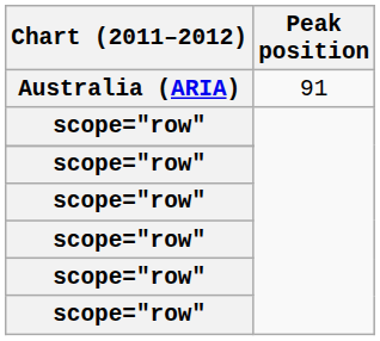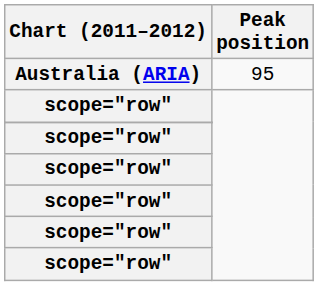 <table class="wikitable sortable plainrowheaders" style="text-align:center;">
 <tr>
 <th scope="col">Chart (2011–2012)</th>
 <th scope="col">Peak<br>position</th>
 </tr>
 <tr>
 <th scope="row">Australia (<a href='#'>ARIA</a>)</th>
-<td align="center">91</td>
+<td align="center">95</td>
 </tr>
 <tr>
 <th>scope="row"</th>
 </tr>
 <tr>
 </tr>
 <tr>
 <th>scope="row"</th>
 </tr>
 <tr>
 <th>scope="row"</th>
 </tr>
 <tr>
 <th>scope="row"</th>
 </tr>
 <tr>
 <th>scope="row"</th>
 </tr>
 <tr>
 <th>scope="row"</th>
 </tr>
 </table>
